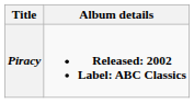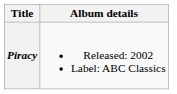 <table class="wikitable plainrowheaders" style="text-align:center;" border="1">
 <tr>
 <th>Title</th>
 <th>Album details</th>
 </tr>
 <tr>
 <th scope="row"><em>Piracy</em>  <br></th>
-<td><strong><br><ul><li>Released: 2002</li><li>Label: ABC Classics</li></ul></strong></td>
+<td><br><ul><li>Released: 2002</li><li>Label: ABC Classics</li></ul></td>
 </tr>
 </table>
